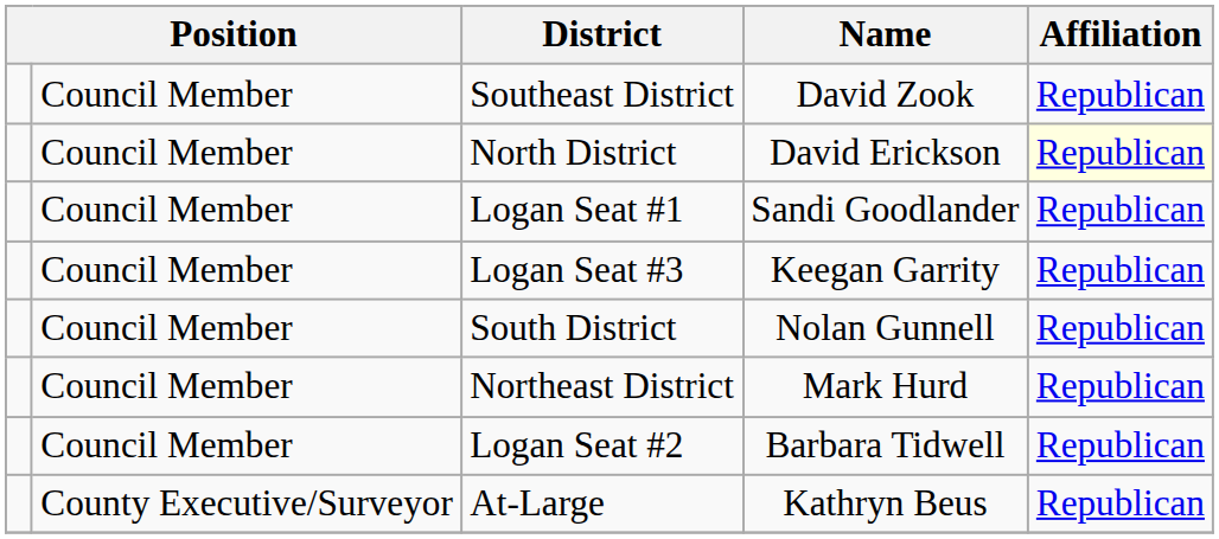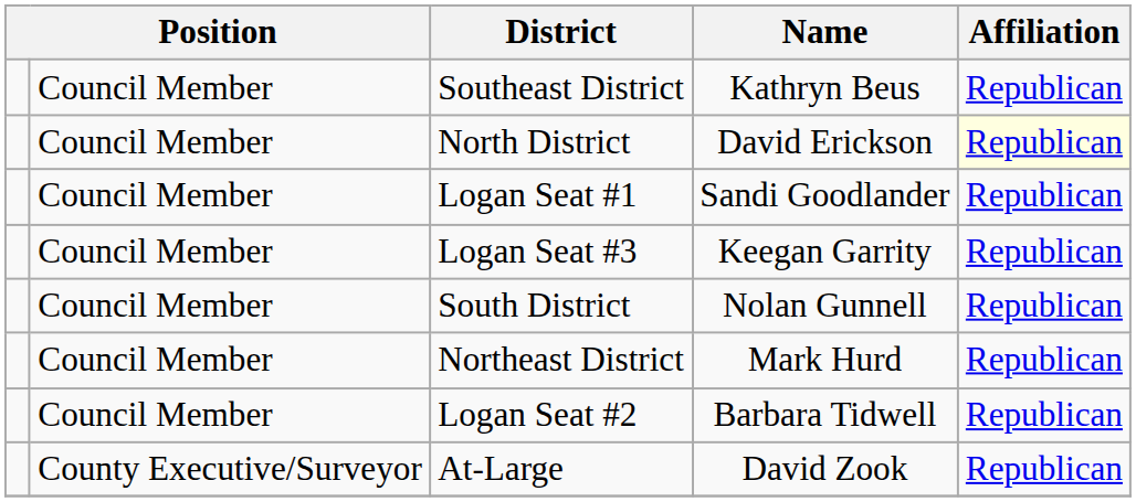 <table class="wikitable">
 <tr>
 <th colspan="2" style="text-align:center; vertical-align:bottom;">Position</th>
 <th>District</th>
 <th style="text-align:center;">Name</th>
 <th valign="bottom">Affiliation</th>
 </tr>
 <tr>
 <td style="background-color:"> </td>
 <td>Council Member</td>
 <td>Southeast District</td>
-<td style="text-align: center;">David Zook</td>
+<td style="text-align:center;">Kathryn Beus</td>
 <td style="text-align:center;"><a href='#'>Republican</a></td>
 </tr>
 <tr>
 <td style="background-color:"> </td>
 <td>Council Member</td>
 <td>North District</td>
 <td style="text-align:center;">David Erickson</td>
 <td style="background: lightyellow; text-align:center;"><a href='#'>Republican</a></td>
 </tr>
 <tr>
 <td style="background-color:"> </td>
 <td>Council Member</td>
 <td>Logan Seat #1</td>
 <td style="text-align:center;">Sandi Goodlander</td>
 <td style="text-align:center;"><a href='#'>Republican</a></td>
 </tr>
 <tr>
 <td style="background-color:"> </td>
 <td>Council Member</td>
 <td>Logan Seat #3</td>
 <td style="text-align:center;">Keegan Garrity</td>
 <td style="text-align:center;"><a href='#'>Republican</a></td>
 </tr>
 <tr>
 <td style="background-color:"> </td>
 <td>Council Member</td>
 <td>South District</td>
 <td style="text-align:center;">Nolan Gunnell</td>
 <td style="text-align:center;"><a href='#'>Republican</a></td>
 </tr>
 <tr>
 <td style="background-color:"> </td>
 <td>Council Member</td>
 <td>Northeast District</td>
 <td style="text-align:center;">Mark Hurd</td>
 <td style="text-align:center;"><a href='#'>Republican</a></td>
 </tr>
 <tr>
 <td style="background-color:"> </td>
 <td>Council Member</td>
 <td>Logan Seat #2</td>
 <td style="text-align:center;">Barbara Tidwell</td>
 <td style="text-align:center;"><a href='#'>Republican</a></td>
 </tr>
 <tr>
 <td style="background-color:"> </td>
 <td>County Executive/Surveyor</td>
 <td>At-Large</td>
-<td style="text-align:center;">Kathryn Beus</td>
+<td style="text-align: center;">David Zook</td>
 <td><a href='#'>Republican</a></td>
 </tr>
 <tr>
 </tr>
 </table>
